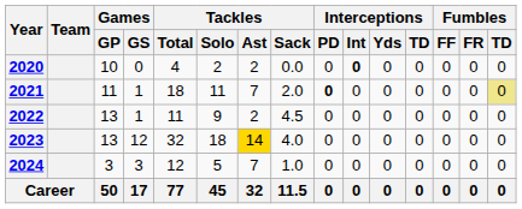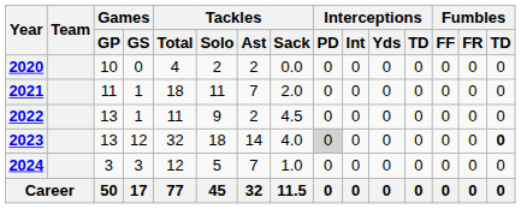 <table class="wikitable" style="text-align:center;">
 <tr>
 <th rowspan="2">Year</th>
 <th rowspan="2">Team</th>
 <th colspan="2">Games</th>
 <th colspan="4">Tackles</th>
 <th colspan="4">Interceptions</th>
 <th colspan="3">Fumbles</th>
 </tr>
 <tr>
 <th>GP</th>
 <th>GS</th>
 <th>Total</th>
 <th>Solo</th>
 <th>Ast</th>
 <th>Sack</th>
 <th>PD</th>
 <th>Int</th>
 <th>Yds</th>
 <th>TD</th>
 <th>FF</th>
 <th>FR</th>
 <th>TD</th>
 </tr>
 <tr>
 <th><a href='#'>2020</a></th>
 <th><a href='#'></a></th>
 <td>10</td>
 <td>0</td>
 <td>4</td>
 <td>2</td>
 <td>2</td>
 <td>0.0</td>
 <td>0</td>
-<td><strong>0</strong></td>
+<td>0</td>
 <td>0</td>
 <td>0</td>
 <td>0</td>
 <td>0</td>
 <td>0</td>
 </tr>
 <tr>
 <th><a href='#'>2021</a></th>
 <th><a href='#'></a></th>
 <td>11</td>
 <td>1</td>
 <td>18</td>
 <td>11</td>
 <td>7</td>
 <td>2.0</td>
-<td><strong>0</strong></td>
 <td>0</td>
 <td>0</td>
 <td>0</td>
 <td>0</td>
 <td>0</td>
-<td style="background: khaki;">0</td>
+<td>0</td>
+<td>0</td>
 </tr>
 <tr>
 <th><a href='#'>2022</a></th>
 <th><a href='#'></a></th>
 <td>13</td>
 <td>1</td>
 <td>11</td>
 <td>9</td>
 <td>2</td>
 <td>4.5</td>
 <td>0</td>
 <td>0</td>
 <td>0</td>
 <td>0</td>
 <td>0</td>
 <td>0</td>
 <td>0</td>
 </tr>
 <tr>
 <th><a href='#'>2023</a></th>
 <th><a href='#'></a></th>
 <td>13</td>
 <td>12</td>
 <td>32</td>
 <td>18</td>
-<td style="background: gold;">14</td>
+<td>14</td>
 <td>4.0</td>
+<td style="background: lightgrey;">0</td>
 <td>0</td>
 <td>0</td>
 <td>0</td>
 <td>0</td>
 <td>0</td>
-<td>0</td>
-<td>0</td>
+<td><strong>0</strong></td>
 </tr>
 <tr>
 <th><a href='#'>2024</a></th>
 <th><a href='#'></a></th>
 <td>3</td>
 <td>3</td>
 <td>12</td>
 <td>5</td>
 <td>7</td>
 <td>1.0</td>
 <td>0</td>
 <td>0</td>
 <td>0</td>
 <td>0</td>
 <td>0</td>
 <td>0</td>
 <td>0</td>
 </tr>
 <tr>
 <th align=center colspan="2">Career</th>
 <th>50</th>
 <th>17</th>
 <th>77</th>
 <th>45</th>
 <th>32</th>
 <th>11.5</th>
 <th>0</th>
 <th>0</th>
 <th>0</th>
 <th>0</th>
 <th>0</th>
 <th>0</th>
 <th>0</th>
 </tr>
 </table>
